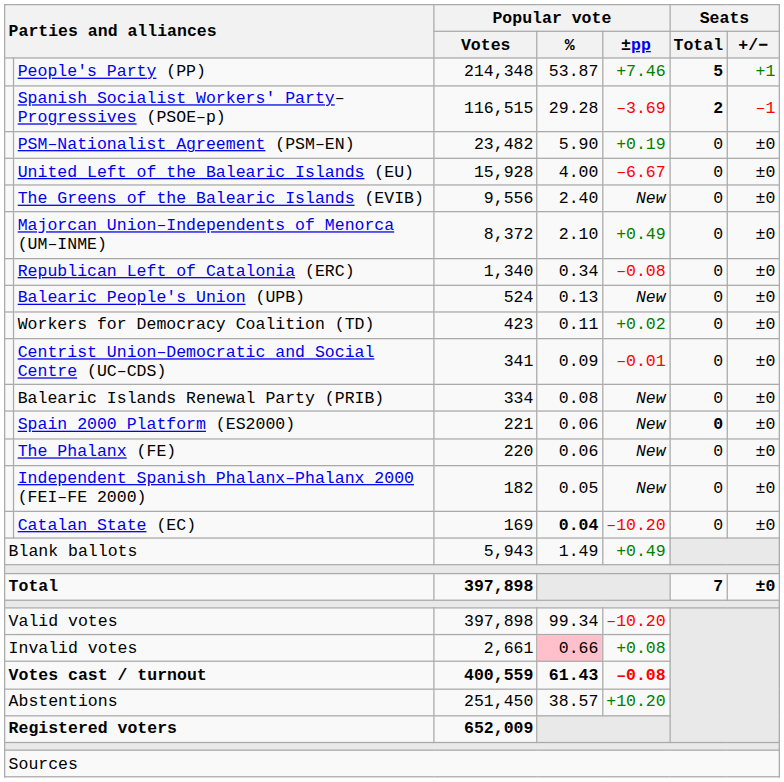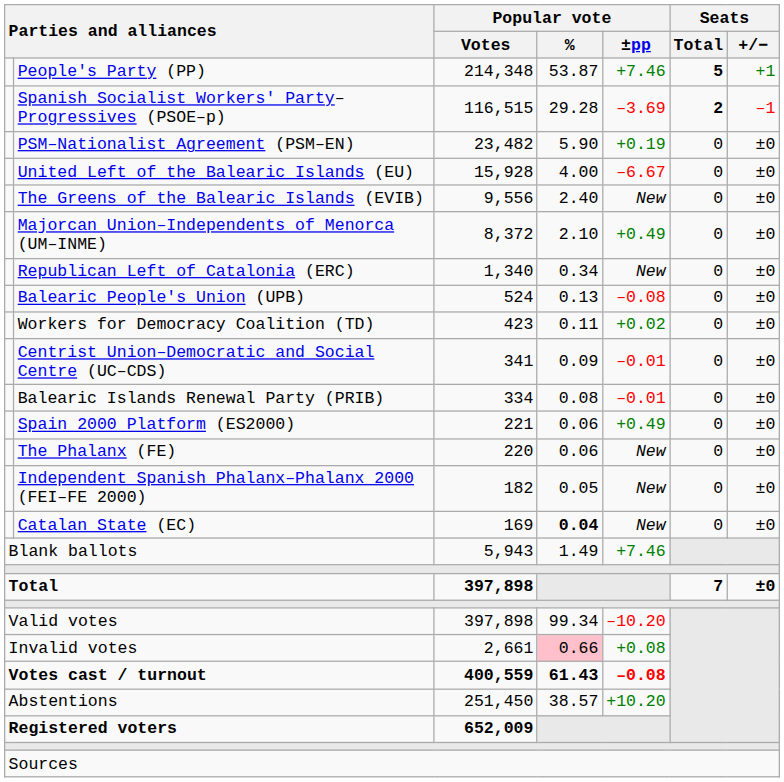 <table class="wikitable" style="text-align:right;">
 <tr>
 <th style="text-align:left;" rowspan="2" colspan="2" width="525">Parties and alliances</th>
 <th colspan="3">Popular vote</th>
 <th colspan="2">Seats</th>
 </tr>
 <tr>
 <th width="75">Votes</th>
 <th width="45">%</th>
 <th width="45">±<a href='#'>pp</a></th>
 <th width="35">Total</th>
 <th width="35">+/−</th>
 </tr>
 <tr>
 <td width="1" style="color:inherit;background:"></td>
 <td align="left"><a href='#'>People's Party</a> (PP)</td>
 <td>214,348</td>
 <td>53.87</td>
 <td style="color:green;">+7.46</td>
 <td><strong>5</strong></td>
 <td style="color:green;">+1</td>
 </tr>
 <tr>
 <td style="color:inherit;background:"></td>
 <td align="left"><a href='#'>Spanish Socialist Workers' Party</a>–<a href='#'>Progressives</a> (PSOE–p)</td>
 <td>116,515</td>
 <td>29.28</td>
 <td style="color:red;">–3.69</td>
 <td><strong>2</strong></td>
 <td style="color:red;">–1</td>
 </tr>
 <tr>
 <td style="color:inherit;background:"></td>
 <td align="left"><a href='#'>PSM–Nationalist Agreement</a> (PSM–EN)</td>
 <td>23,482</td>
 <td>5.90</td>
 <td style="color:green;">+0.19</td>
 <td>0</td>
 <td>±0</td>
 </tr>
 <tr>
 <td style="color:inherit;background:"></td>
 <td align="left"><a href='#'>United Left of the Balearic Islands</a> (EU)</td>
 <td>15,928</td>
 <td>4.00</td>
 <td style="color:red;">–6.67</td>
 <td>0</td>
 <td>±0</td>
 </tr>
 <tr>
 <td style="color:inherit;background:"></td>
 <td align="left"><a href='#'>The Greens of the Balearic Islands</a> (EVIB)</td>
 <td>9,556</td>
 <td>2.40</td>
 <td><em>New</em></td>
 <td>0</td>
 <td>±0</td>
 </tr>
 <tr>
 <td style="color:inherit;background:"></td>
 <td align="left"><a href='#'>Majorcan Union–Independents of Menorca</a> (UM–INME)</td>
 <td>8,372</td>
 <td>2.10</td>
 <td style="color:green;">+0.49</td>
 <td>0</td>
 <td>±0</td>
 </tr>
 <tr>
 <td style="color:inherit;background:"></td>
 <td align="left"><a href='#'>Republican Left of Catalonia</a> (ERC)</td>
 <td>1,340</td>
 <td>0.34</td>
-<td style="color:red;">–0.08</td>
+<td><em>New</em></td>
 <td>0</td>
 <td>±0</td>
 </tr>
 <tr>
 <td style="color:inherit;background:"></td>
 <td align="left"><a href='#'>Balearic People's Union</a> (UPB)</td>
 <td>524</td>
 <td>0.13</td>
-<td><em>New</em></td>
+<td style="color:red;">–0.08</td>
 <td>0</td>
 <td>±0</td>
 </tr>
 <tr>
 <td style="color:inherit;background:"></td>
 <td align="left">Workers for Democracy Coalition (TD)</td>
 <td>423</td>
 <td>0.11</td>
 <td style="color:green;">+0.02</td>
 <td>0</td>
 <td>±0</td>
 </tr>
 <tr>
 <td style="color:inherit;background:"></td>
 <td align="left"><a href='#'>Centrist Union–Democratic and Social Centre</a> (UC–CDS)</td>
 <td>341</td>
 <td>0.09</td>
 <td style="color:red;">–0.01</td>
 <td>0</td>
 <td>±0</td>
 </tr>
 <tr>
 <td style="color:inherit;background:"></td>
 <td align="left">Balearic Islands Renewal Party (PRIB)</td>
 <td>334</td>
 <td>0.08</td>
-<td><em>New</em></td>
+<td style="color:red;">–0.01</td>
 <td>0</td>
 <td>±0</td>
 </tr>
 <tr>
 <td style="color:inherit;background:"></td>
 <td align="left"><a href='#'>Spain 2000 Platform</a> (ES2000)</td>
 <td>221</td>
 <td>0.06</td>
-<td><em>New</em></td>
-<td><strong>0</strong></td>
+<td style="color:green;">+0.49</td>
+<td>0</td>
 <td>±0</td>
 </tr>
 <tr>
 <td style="color:inherit;background:"></td>
 <td align="left"><a href='#'>The Phalanx</a> (FE)</td>
 <td>220</td>
 <td>0.06</td>
 <td><em>New</em></td>
 <td>0</td>
 <td>±0</td>
 </tr>
 <tr>
 <td style="color:inherit;background:"></td>
 <td align="left"><a href='#'>Independent Spanish Phalanx–Phalanx 2000</a> (FEI–FE 2000)</td>
 <td>182</td>
 <td>0.05</td>
 <td><em>New</em></td>
 <td>0</td>
 <td>±0</td>
 </tr>
 <tr>
 <td style="color:inherit;background:"></td>
 <td align="left"><a href='#'>Catalan State</a> (EC)</td>
 <td>169</td>
 <td><strong>0.04</strong></td>
-<td style="color:red;">–10.20</td>
+<td><em>New</em></td>
 <td>0</td>
 <td>±0</td>
 </tr>
 <tr>
 <td align="left" colspan="2">Blank ballots</td>
 <td>5,943</td>
 <td>1.49</td>
-<td style="color:green;">+0.49</td>
+<td style="color:green;">+7.46</td>
 <td bgcolor="#E9E9E9" colspan="2"></td>
 </tr>
 <tr>
 <td colspan="7" bgcolor="#E9E9E9"></td>
 </tr>
 <tr style="font-weight:bold;">
 <td align="left" colspan="2">Total</td>
 <td>397,898</td>
 <td bgcolor="#E9E9E9" colspan="2"></td>
 <td>7</td>
 <td>±0</td>
 </tr>
 <tr>
 <td colspan="7" bgcolor="#E9E9E9"></td>
 </tr>
 <tr>
 <td align="left" colspan="2">Valid votes</td>
 <td>397,898</td>
 <td>99.34</td>
 <td style="color:red;">–10.20</td>
 <td bgcolor="#E9E9E9" colspan="2" rowspan="5"></td>
 </tr>
 <tr>
 <td align="left" colspan="2">Invalid votes</td>
 <td>2,661</td>
 <td style="background: pink;">0.66</td>
 <td style="color:green;">+0.08</td>
 </tr>
 <tr style="font-weight:bold;">
 <td align="left" colspan="2">Votes cast / turnout</td>
 <td>400,559</td>
 <td>61.43</td>
 <td style="color:red;">–0.08</td>
 </tr>
 <tr>
 <td align="left" colspan="2">Abstentions</td>
 <td>251,450</td>
 <td>38.57</td>
 <td style="color:green;">+10.20</td>
 </tr>
 <tr style="font-weight:bold;">
 <td align="left" colspan="2">Registered voters</td>
 <td>652,009</td>
 <td bgcolor="#E9E9E9" colspan="2"></td>
 </tr>
 <tr>
 <td colspan="7" bgcolor="#E9E9E9"></td>
 </tr>
 <tr>
 <td align="left" colspan="7">Sources</td>
 </tr>
 </table>
